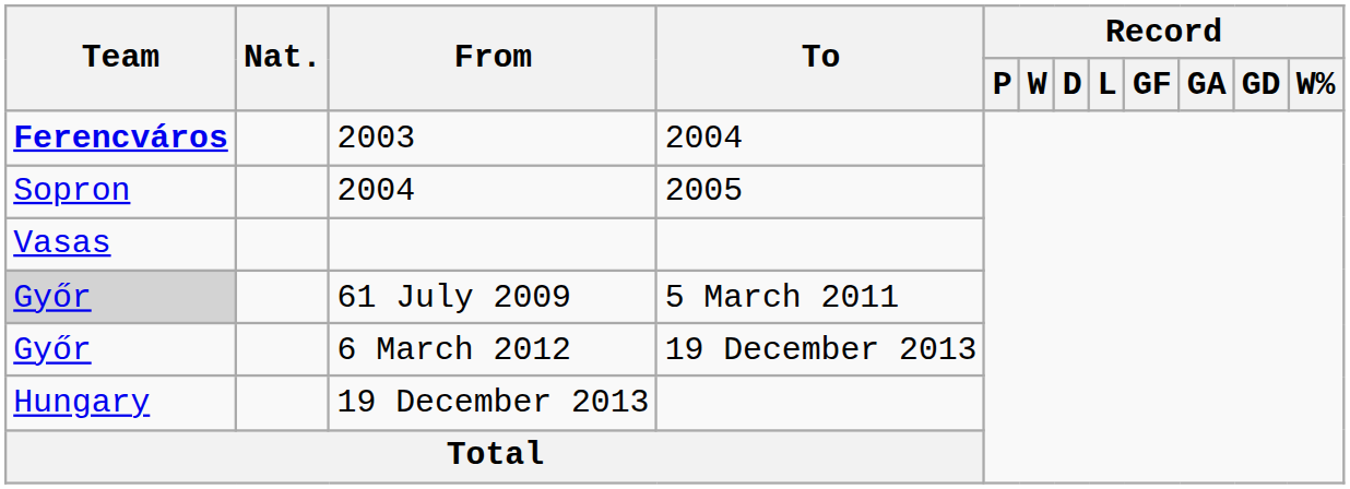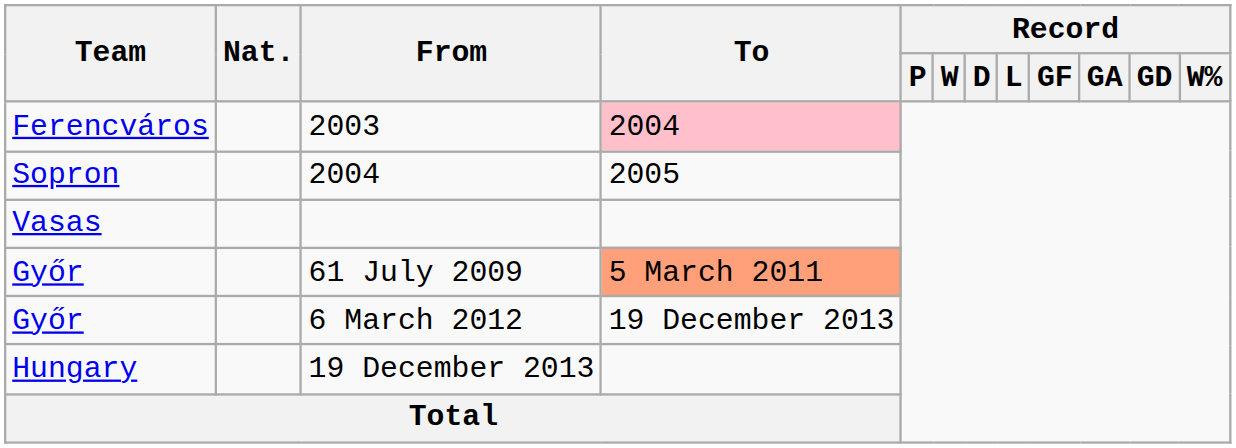 <table class="wikitable" style="text-align: center">
 <tr>
 <th rowspan="2">Team</th>
 <th rowspan="2">Nat.</th>
 <th rowspan="2">From</th>
 <th rowspan="2">To</th>
 <th colspan="8">Record</th>
 </tr>
 <tr>
 <th>P</th>
 <th>W</th>
 <th>D</th>
 <th>L</th>
 <th>GF</th>
 <th>GA</th>
 <th>GD</th>
 <th>W%</th>
 </tr>
 <tr>
-<td align=left><strong><a href='#'>Ferencváros</a></strong></td>
+<td align=left><a href='#'>Ferencváros</a></td>
 <td></td>
 <td align=left>2003</td>
-<td align=left>2004<br></td>
+<td align=left style="background: pink;">2004<br></td>
 </tr>
 <tr>
 <td align=left><a href='#'>Sopron</a></td>
 <td></td>
 <td align=left>2004</td>
 <td align=left>2005<br></td>
 </tr>
 <tr>
 <td align=left><a href='#'>Vasas</a></td>
 <td></td>
 <td align=left></td>
 <td align=left><br></td>
 </tr>
 <tr>
-<td align=left style="background: lightgrey;"><a href='#'>Győr</a></td>
+<td align=left><a href='#'>Győr</a></td>
 <td></td>
 <td align=left>61 July 2009</td>
-<td align=left>5 March 2011<br></td>
+<td align=left style="background: lightsalmon;">5 March 2011<br></td>
 </tr>
 <tr>
 <td align=left><a href='#'>Győr</a></td>
 <td></td>
 <td align=left>6 March 2012</td>
 <td align=left>19 December 2013<br></td>
 </tr>
 <tr>
 <td align=left><a href='#'>Hungary</a></td>
 <td></td>
 <td align=left>19 December 2013</td>
 <td align=left><br></td>
 </tr>
 <tr>
 <th colspan="4">Total<br></th>
 </tr>
 </table>
